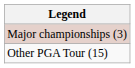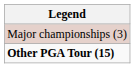 <table class="wikitable" style="font-size:95%;">
 <tr>
 <th>Legend</th>
 </tr>
 <tr style="background:#e5d1cb;">
 <td>Major championships (3)</td>
 </tr>
 <tr>
-<td>Other PGA Tour (15)</td>
+<td><strong>Other PGA Tour (15)</strong></td>
 </tr>
 </table>
